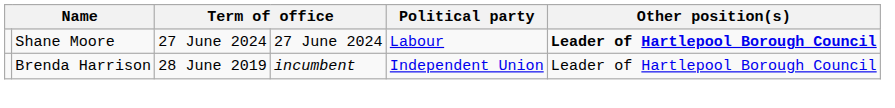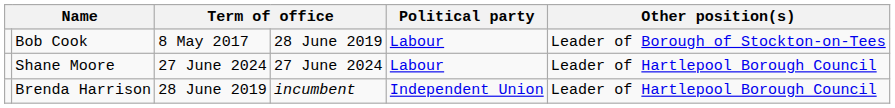 <table class="wikitable">
 <tr>
 <th colspan="2">Name</th>
 <th colspan="2">Term of office</th>
 <th>Political party</th>
 <th>Other position(s)</th>
 </tr>
 <tr>
 <td style="background-color: "></td>
+<td>Bob Cook</td>
+<td>8 May 2017</td>
+<td>28 June 2019</td>
+<td><a href='#'>Labour</a></td>
+<td>Leader of <a href='#'>Borough of Stockton-on-Tees</a></td>
+</tr>
+<tr>
+<td style="background-color: "></td>
 <td>Shane Moore</td>
 <td>27 June 2024</td>
 <td>27 June 2024</td>
 <td><a href='#'>Labour</a></td>
-<td><strong>Leader of <a href='#'>Hartlepool Borough Council</a></strong></td>
+<td>Leader of <a href='#'>Hartlepool Borough Council</a></td>
 </tr>
 <tr>
 <td style="background-color: "></td>
 <td>Brenda Harrison</td>
 <td>28 June 2019</td>
 <td><em>incumbent</em></td>
 <td><a href='#'>Independent Union</a></td>
 <td>Leader of <a href='#'>Hartlepool Borough Council</a></td>
 </tr>
 </table>
